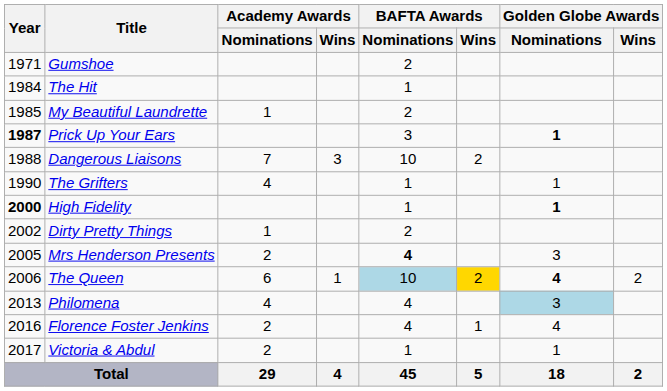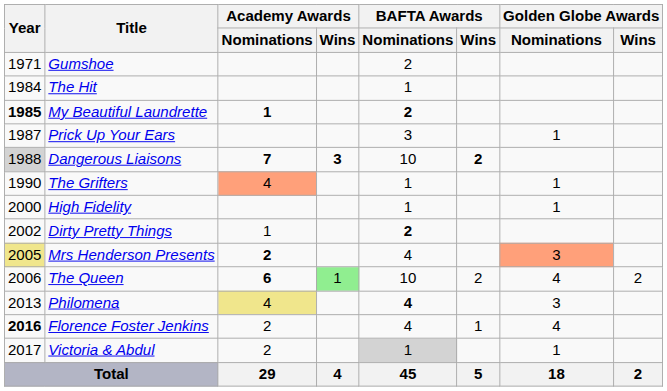 <table class="wikitable">
 <tr>
 <th rowspan="2">Year</th>
 <th rowspan="2">Title</th>
 <th colspan="2">Academy Awards</th>
 <th colspan="2">BAFTA Awards</th>
 <th colspan="2">Golden Globe Awards</th>
 </tr>
 <tr>
 <th>Nominations</th>
 <th>Wins</th>
 <th>Nominations</th>
 <th>Wins</th>
 <th>Nominations</th>
 <th>Wins</th>
 </tr>
 <tr>
 <td>1971</td>
 <td><a href='#'><em>Gumshoe</em></a></td>
 <td></td>
 <td></td>
 <td align=center>2</td>
 <td></td>
 <td></td>
 <td></td>
 </tr>
 <tr>
 <td>1984</td>
 <td><a href='#'><em>The Hit</em></a></td>
 <td></td>
 <td></td>
 <td align=center>1</td>
 <td></td>
 <td></td>
 <td></td>
 </tr>
 <tr>
-<td>1985</td>
+<td><strong>1985</strong></td>
 <td><em><a href='#'>My Beautiful Laundrette</a></em></td>
-<td align=center>1</td>
+<td align=center><strong>1</strong></td>
 <td></td>
-<td align=center>2</td>
+<td align=center><strong>2</strong></td>
 <td></td>
 <td></td>
 <td></td>
 </tr>
 <tr>
-<td><strong>1987</strong></td>
+<td>1987</td>
 <td><em><a href='#'>Prick Up Your Ears</a></em></td>
 <td></td>
 <td></td>
 <td align=center>3</td>
 <td></td>
-<td align=center><strong>1</strong></td>
+<td align=center>1</td>
 <td></td>
 </tr>
 <tr>
-<td>1988</td>
+<td style="background: lightgrey;">1988</td>
 <td><em><a href='#'>Dangerous Liaisons</a></em></td>
-<td align=center>7</td>
-<td align=center>3</td>
+<td align=center><strong>7</strong></td>
+<td align=center><strong>3</strong></td>
 <td align=center>10</td>
-<td align=center>2</td>
+<td align=center><strong>2</strong></td>
 <td></td>
 <td></td>
 </tr>
 <tr>
 <td>1990</td>
 <td><a href='#'><em>The Grifters</em></a></td>
-<td align=center>4</td>
+<td align=center style="background: lightsalmon;">4</td>
 <td></td>
 <td align=center>1</td>
 <td></td>
 <td align=center>1</td>
 <td></td>
 </tr>
 <tr>
-<td><strong>2000</strong></td>
+<td>2000</td>
 <td><a href='#'><em>High Fidelity</em></a></td>
 <td></td>
 <td></td>
 <td align=center>1</td>
 <td></td>
-<td align=center><strong>1</strong></td>
+<td align=center>1</td>
 <td></td>
 </tr>
 <tr>
 <td>2002</td>
 <td><a href='#'><em>Dirty Pretty Things</em></a></td>
 <td align=center>1</td>
 <td></td>
-<td align=center>2</td>
+<td align=center><strong>2</strong></td>
 <td></td>
 <td></td>
 <td></td>
 </tr>
 <tr>
-<td>2005</td>
+<td style="background: khaki;">2005</td>
 <td><em><a href='#'>Mrs Henderson Presents</a></em></td>
+<td align=center><strong>2</strong></td>
+<td></td>
+<td align=center>4</td>
+<td></td>
+<td align=center style="background: lightsalmon;">3</td>
+<td></td>
+</tr>
+<tr>
+<td>2006</td>
+<td><a href='#'><em>The Queen</em></a></td>
+<td align=center><strong>6</strong></td>
+<td align=center style="background: lightgreen;">1</td>
+<td align=center>10</td>
 <td align=center>2</td>
+<td align=center>4</td>
+<td align=center>2</td>
+</tr>
+<tr>
+<td>2013</td>
+<td><a href='#'><em>Philomena</em></a></td>
+<td align=center style="background: khaki;">4</td>
 <td></td>
 <td align=center><strong>4</strong></td>
 <td></td>
 <td align=center>3</td>
 <td></td>
 </tr>
 <tr>
-<td>2006</td>
-<td><a href='#'><em>The Queen</em></a></td>
-<td align=center>6</td>
-<td align=center>1</td>
-<td align=center style="background: lightblue;">10</td>
-<td align=center style="background: gold;">2</td>
-<td align=center><strong>4</strong></td>
-<td align=center>2</td>
-</tr>
-<tr>
-<td>2013</td>
-<td><a href='#'><em>Philomena</em></a></td>
-<td align=center>4</td>
-<td></td>
-<td align=center>4</td>
-<td></td>
-<td align=center style="background: lightblue;">3</td>
-<td></td>
-</tr>
-<tr>
-<td>2016</td>
+<td><strong>2016</strong></td>
 <td><a href='#'><em>Florence Foster Jenkins</em></a></td>
 <td align=center>2</td>
 <td></td>
 <td align=center>4</td>
 <td align=center>1</td>
 <td align=center>4</td>
 <td></td>
 </tr>
 <tr>
 <td>2017</td>
 <td><em><a href='#'>Victoria & Abdul</a></em></td>
 <td align=center>2</td>
 <td></td>
-<td align=center>1</td>
+<td align=center style="background: lightgrey;">1</td>
 <td></td>
 <td align=center>1</td>
 <td></td>
 </tr>
 <tr>
 <th colspan="2" style="background-color:#b3b5c5;">Total</th>
 <th>29</th>
 <th>4</th>
 <th>45</th>
 <th>5</th>
 <th>18</th>
 <th>2</th>
 </tr>
 </table>
